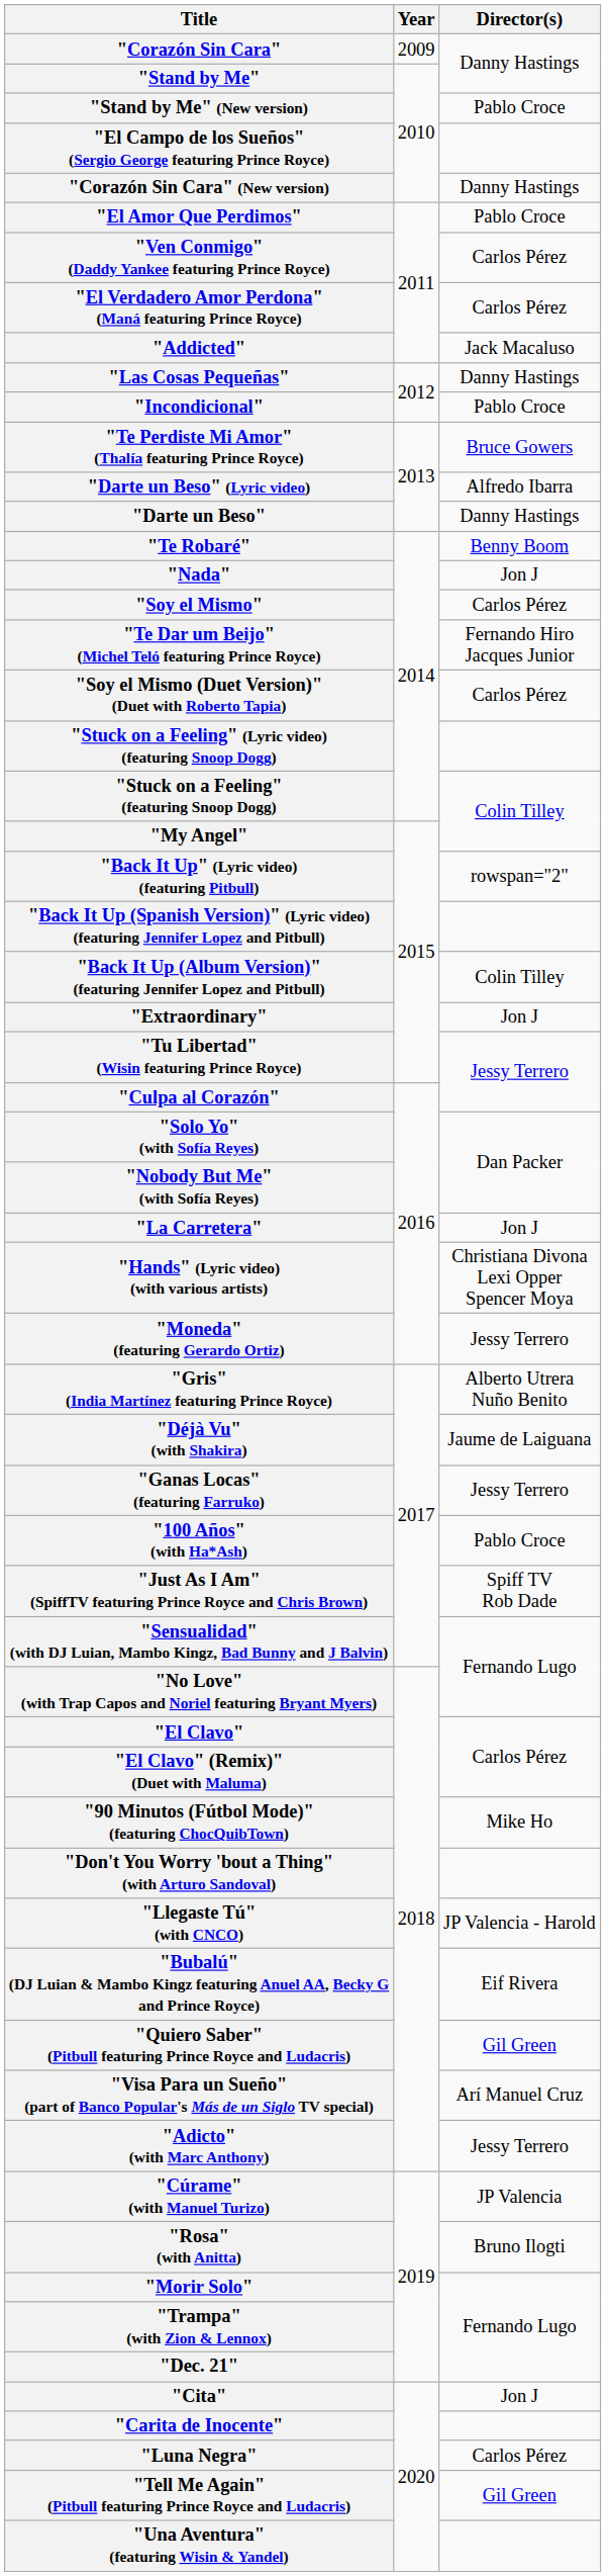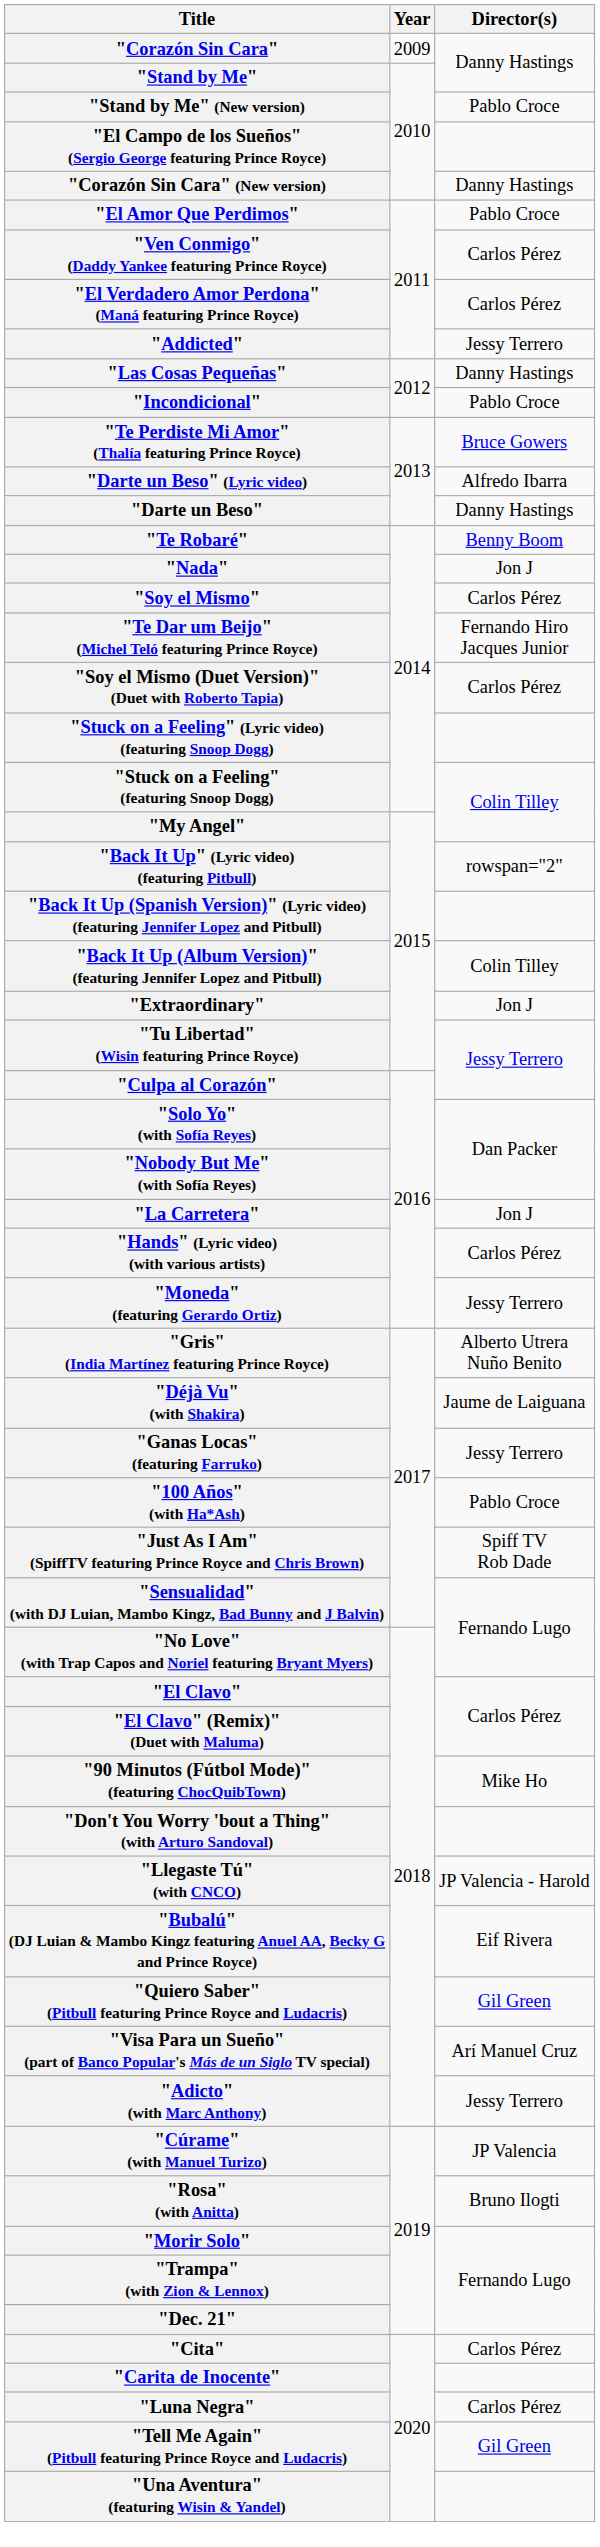 <table class="wikitable plainrowheaders" style="text-align:center;">
 <tr>
 <th scope="col">Title</th>
 <th scope="col">Year</th>
 <th scope="col">Director(s)</th>
 </tr>
 <tr>
 <th scope="row">"<a href='#'>Corazón Sin Cara</a>"</th>
 <td>2009</td>
 <td rowspan="2">Danny Hastings</td>
 </tr>
 <tr>
 <th scope="row">"<a href='#'>Stand by Me</a>"</th>
 <td rowspan="4">2010</td>
 </tr>
 <tr>
 <th scope="row">"Stand by Me" <small>(New version)</small></th>
 <td>Pablo Croce</td>
 </tr>
 <tr>
 <th scope="row">"El Campo de los Sueños" <br><small>(<a href='#'>Sergio George</a> featuring Prince Royce)</small></th>
 <td></td>
 </tr>
 <tr>
 <th scope="row">"Corazón Sin Cara" <small>(New version)</small></th>
 <td>Danny Hastings</td>
 </tr>
 <tr>
 <th scope="row">"<a href='#'>El Amor Que Perdimos</a>"</th>
 <td rowspan="4">2011</td>
 <td>Pablo Croce</td>
 </tr>
 <tr>
 <th scope="row">"<a href='#'>Ven Conmigo</a>" <br><small>(<a href='#'>Daddy Yankee</a> featuring Prince Royce)</small></th>
 <td>Carlos Pérez</td>
 </tr>
 <tr>
 <th scope="row">"<a href='#'>El Verdadero Amor Perdona</a>" <br><small>(<a href='#'>Maná</a> featuring Prince Royce)</small></th>
 <td>Carlos Pérez</td>
 </tr>
 <tr>
 <th scope="row">"<a href='#'>Addicted</a>"</th>
-<td>Jack Macaluso</td>
+<td>Jessy Terrero</td>
 </tr>
 <tr>
 <th scope="row">"<a href='#'>Las Cosas Pequeñas</a>"</th>
 <td rowspan="2">2012</td>
 <td>Danny Hastings</td>
 </tr>
 <tr>
 <th scope="row">"<a href='#'>Incondicional</a>"</th>
 <td>Pablo Croce</td>
 </tr>
 <tr>
 <th scope="row">"<a href='#'>Te Perdiste Mi Amor</a>" <br><small>(<a href='#'>Thalía</a> featuring Prince Royce)</small></th>
 <td rowspan="3">2013</td>
 <td><a href='#'>Bruce Gowers</a></td>
 </tr>
 <tr>
 <th scope="row">"<a href='#'>Darte un Beso</a>" <small>(<a href='#'>Lyric video</a>)</small></th>
 <td>Alfredo Ibarra</td>
 </tr>
 <tr>
 <th scope="row">"Darte un Beso"</th>
 <td>Danny Hastings</td>
 </tr>
 <tr>
 <th scope="row">"<a href='#'>Te Robaré</a>"</th>
 <td rowspan="7">2014</td>
 <td><a href='#'>Benny Boom</a></td>
 </tr>
 <tr>
 <th scope="row">"<a href='#'>Nada</a>"</th>
 <td>Jon J</td>
 </tr>
 <tr>
 <th scope="row">"<a href='#'>Soy el Mismo</a>"</th>
 <td>Carlos Pérez</td>
 </tr>
 <tr>
 <th scope="row">"<a href='#'>Te Dar um Beijo</a>" <br><small>(<a href='#'>Michel Teló</a> featuring Prince Royce)</small><br></th>
 <td>Fernando Hiro <br>Jacques Junior</td>
 </tr>
 <tr>
 <th scope="row">"Soy el Mismo (Duet Version)" <br><small>(Duet with <a href='#'>Roberto Tapia</a>)<br></small></th>
 <td>Carlos Pérez</td>
 </tr>
 <tr>
 <th scope="row">"<a href='#'>Stuck on a Feeling</a>" <small>(Lyric video)</small> <br><small>(featuring <a href='#'>Snoop Dogg</a>)</small><br></th>
 <td></td>
 </tr>
 <tr>
 <th scope="row">"Stuck on a Feeling" <br><small>(featuring Snoop Dogg)</small><br></th>
 <td rowspan="2"><a href='#'>Colin Tilley</a></td>
 </tr>
 <tr>
 <th scope="row">"My Angel"</th>
 <td rowspan="6">2015</td>
 </tr>
 <tr>
 <th scope="row">"<a href='#'>Back It Up</a>" <small>(Lyric video)</small> <br><small>(featuring <a href='#'>Pitbull</a>)</small><br></th>
 <td>rowspan="2" </td>
 </tr>
 <tr>
 <th scope="row">"<a href='#'>Back It Up (Spanish Version)</a>" <small>(Lyric video)</small> <br><small>(featuring <a href='#'>Jennifer Lopez</a> and Pitbull)</small><br></th>
 </tr>
 <tr>
 <th scope="row">"<a href='#'>Back It Up (Album Version)</a>" <br><small>(featuring Jennifer Lopez and Pitbull)</small><br></th>
 <td>Colin Tilley</td>
 </tr>
 <tr>
 <th scope="row">"Extraordinary"</th>
 <td>Jon J</td>
 </tr>
 <tr>
 <th scope="row">"Tu Libertad" <br><small>(<a href='#'>Wisin</a> featuring Prince Royce)</small><br></th>
 <td rowspan="2"><a href='#'>Jessy Terrero</a></td>
 </tr>
 <tr>
 <th scope="row">"<a href='#'>Culpa al Corazón</a>"</th>
 <td rowspan="6">2016</td>
 </tr>
 <tr>
 <th scope="row">"<a href='#'>Solo Yo</a>" <br><small>(with <a href='#'>Sofía Reyes</a>)</small><br></th>
 <td rowspan="2">Dan Packer</td>
 </tr>
 <tr>
 <th scope="row">"<a href='#'>Nobody But Me</a>" <br><small>(with Sofía Reyes)</small><br></th>
 </tr>
 <tr>
 <th scope="row">"<a href='#'>La Carretera</a>"</th>
 <td>Jon J</td>
 </tr>
 <tr>
 <th scope="row">"<a href='#'>Hands</a>" <small>(Lyric video)</small> <br><small>(with various artists)</small><br></th>
-<td>Christiana Divona <br>Lexi Opper <br>Spencer Moya</td>
+<td>Carlos Pérez</td>
 </tr>
 <tr>
 <th scope="row">"<a href='#'>Moneda</a>" <br><small>(featuring <a href='#'>Gerardo Ortiz</a>)</small><br></th>
 <td>Jessy Terrero</td>
 </tr>
 <tr>
 <th scope="row">"Gris" <br><small>(<a href='#'>India Martínez</a> featuring Prince Royce)</small><br></th>
 <td rowspan="6">2017</td>
 <td>Alberto Utrera <br>Nuño Benito</td>
 </tr>
 <tr>
 <th scope="row">"<a href='#'>Déjà Vu</a>" <br><small>(with <a href='#'>Shakira</a>)</small><br></th>
 <td>Jaume de Laiguana</td>
 </tr>
 <tr>
 <th scope="row">"Ganas Locas" <br><small>(featuring <a href='#'>Farruko</a>)</small><br></th>
 <td>Jessy Terrero</td>
 </tr>
 <tr>
 <th scope="row">"<a href='#'>100 Años</a>" <br><small>(with <a href='#'>Ha*Ash</a>)</small><br></th>
 <td>Pablo Croce</td>
 </tr>
 <tr>
 <th scope="row">"Just As I Am" <br><small>(SpiffTV featuring Prince Royce and <a href='#'>Chris Brown</a>)</small><br></th>
 <td>Spiff TV <br>Rob Dade</td>
 </tr>
 <tr>
 <th scope="row">"<a href='#'>Sensualidad</a>" <br><small>(with DJ Luian, Mambo Kingz, <a href='#'>Bad Bunny</a> and <a href='#'>J Balvin</a>)</small><br></th>
 <td rowspan="2">Fernando Lugo</td>
 </tr>
 <tr>
 <th scope="row">"No Love" <br><small>(with Trap Capos and <a href='#'>Noriel</a> featuring <a href='#'>Bryant Myers</a>)</small><br></th>
 <td rowspan="10">2018</td>
 </tr>
 <tr>
 <th scope="row">"<a href='#'>El Clavo</a>"</th>
 <td rowspan="2">Carlos Pérez</td>
 </tr>
 <tr>
 <th scope="row">"<a href='#'>El Clavo</a>" (Remix)" <br><small>(Duet with <a href='#'>Maluma</a>)<br></small></th>
 </tr>
 <tr>
 <th scope="row">"90 Minutos (Fútbol Mode)" <br><small>(featuring <a href='#'>ChocQuibTown</a>)</small><br></th>
 <td>Mike Ho</td>
 </tr>
 <tr>
 <th scope="row">"Don't You Worry 'bout a Thing" <br><small>(with <a href='#'>Arturo Sandoval</a>)</small><br></th>
 <td></td>
 </tr>
 <tr>
 <th scope="row">"Llegaste Tú" <br><small>(with <a href='#'>CNCO</a>)</small><br></th>
 <td>JP Valencia - Harold</td>
 </tr>
 <tr>
 <th scope="row">"<a href='#'>Bubalú</a>" <br><small>(DJ Luian & Mambo Kingz featuring <a href='#'>Anuel AA</a>, <a href='#'>Becky G</a> <br>and Prince Royce)</small><br></th>
 <td>Eif Rivera</td>
 </tr>
 <tr>
 <th scope="row">"Quiero Saber" <br><small>(<a href='#'>Pitbull</a> featuring Prince Royce and <a href='#'>Ludacris</a>)</small><br></th>
 <td><a href='#'>Gil Green</a></td>
 </tr>
 <tr>
 <th scope="row">"Visa Para un Sueño" <br><small>(part of <a href='#'>Banco Popular</a>'s <em><a href='#'>Más de un Siglo</a></em> TV special)</small><br></th>
 <td>Arí Manuel Cruz</td>
 </tr>
 <tr>
 <th scope="row">"<a href='#'>Adicto</a>" <br><small>(with <a href='#'>Marc Anthony</a>)</small><br></th>
 <td>Jessy Terrero</td>
 </tr>
 <tr>
 <th scope="row">"<a href='#'>Cúrame</a>" <br><small>(with <a href='#'>Manuel Turizo</a>)</small><br></th>
 <td rowspan="5">2019</td>
 <td>JP Valencia</td>
 </tr>
 <tr>
 <th scope="row">"Rosa" <br><small>(with <a href='#'>Anitta</a>)</small><br></th>
 <td>Bruno Ilogti</td>
 </tr>
 <tr>
 <th scope="row">"<a href='#'>Morir Solo</a>"</th>
 <td rowspan="3">Fernando Lugo</td>
 </tr>
 <tr>
 <th scope="row">"Trampa" <br><small>(with <a href='#'>Zion & Lennox</a>)</small><br></th>
 </tr>
 <tr>
 <th scope="row">"Dec. 21"</th>
 </tr>
 <tr>
 <th scope="row">"Cita"</th>
 <td rowspan="5">2020</td>
-<td>Jon J</td>
+<td>Carlos Pérez</td>
 </tr>
 <tr>
 <th scope="row">"<a href='#'>Carita de Inocente</a>"</th>
 <td></td>
 </tr>
 <tr>
 <th scope="row">"Luna Negra"</th>
 <td>Carlos Pérez</td>
 </tr>
 <tr>
 <th scope="row">"Tell Me Again" <br><small>(<a href='#'>Pitbull</a> featuring Prince Royce and <a href='#'>Ludacris</a>)</small><br></th>
 <td><a href='#'>Gil Green</a></td>
 </tr>
 <tr>
 <th scope="row">"Una Aventura" <br><small>(featuring <a href='#'>Wisin & Yandel</a>)</small><br></th>
 <td></td>
 </tr>
 <tr>
 </tr>
 </table>
